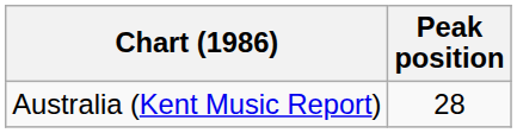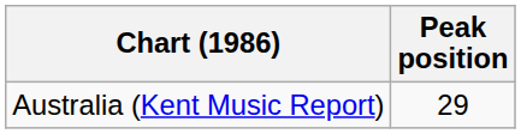 <table class="wikitable">
 <tr>
 <th scope="col">Chart (1986)</th>
 <th>Peak<br>position</th>
 </tr>
 <tr>
 <td>Australia (<a href='#'>Kent Music Report</a>)</td>
-<td style="text-align:center;">28</td>
+<td style="text-align:center;">29</td>
 </tr>
 </table>
